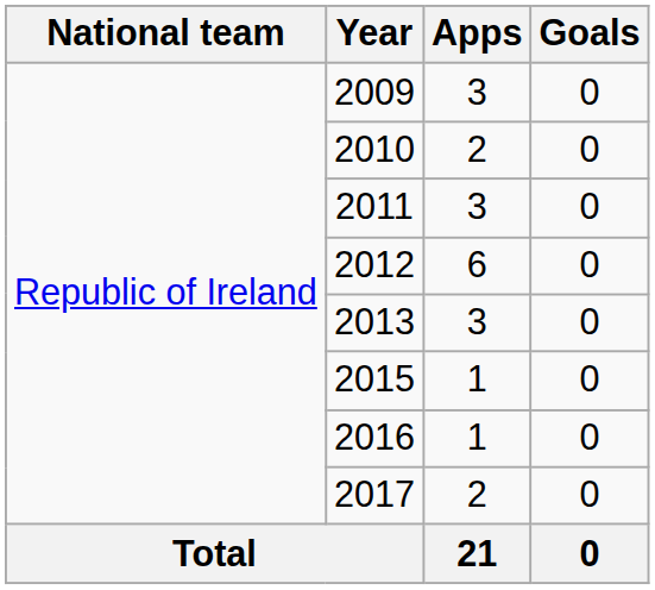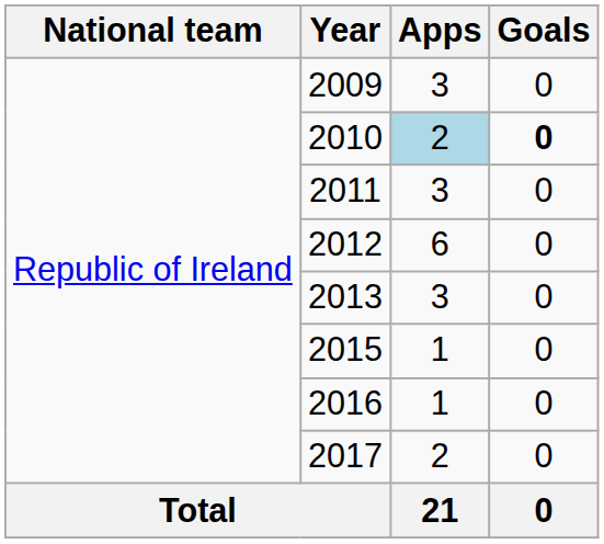 <table class=wikitable style="text-align: center">
 <tr>
 <th>National team</th>
 <th>Year</th>
 <th>Apps</th>
 <th>Goals</th>
 </tr>
 <tr>
 <td rowspan="8"><a href='#'>Republic of Ireland</a></td>
 <td>2009</td>
 <td>3</td>
 <td>0</td>
 </tr>
 <tr>
 <td>2010</td>
-<td>2</td>
-<td>0</td>
+<td style="background: lightblue;">2</td>
+<td><strong>0</strong></td>
 </tr>
 <tr>
 <td>2011</td>
 <td>3</td>
 <td>0</td>
 </tr>
 <tr>
 <td>2012</td>
 <td>6</td>
 <td>0</td>
 </tr>
 <tr>
 <td>2013</td>
 <td>3</td>
 <td>0</td>
 </tr>
 <tr>
 <td>2015</td>
 <td>1</td>
 <td>0</td>
 </tr>
 <tr>
 <td>2016</td>
 <td>1</td>
 <td>0</td>
 </tr>
 <tr>
 <td>2017</td>
 <td>2</td>
 <td>0</td>
 </tr>
 <tr>
 <th colspan="2">Total</th>
 <th>21</th>
 <th>0</th>
 </tr>
 </table>
